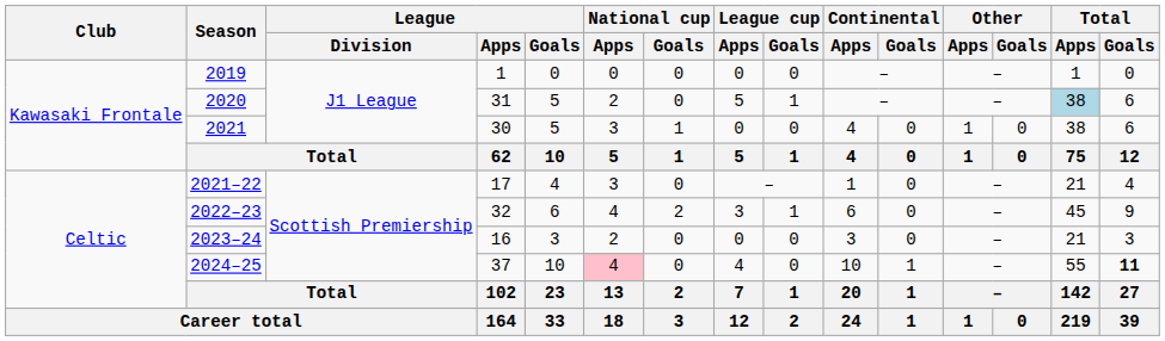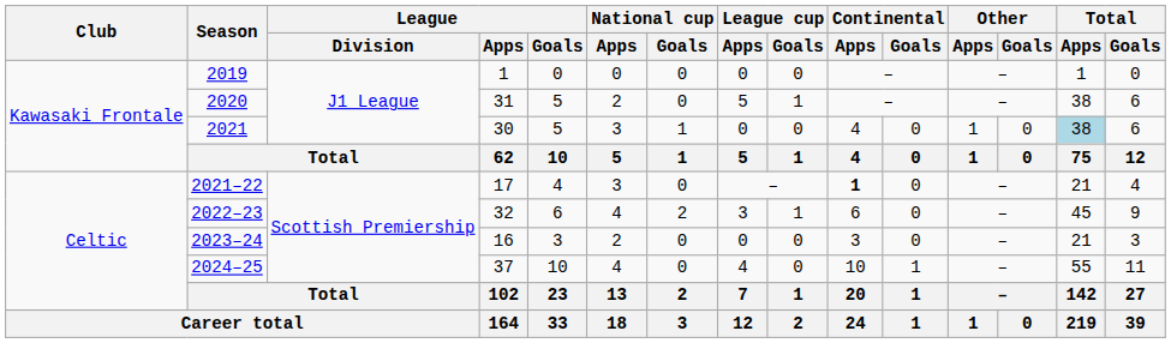 <table class="wikitable" style="text-align:center">
 <tr>
 <th rowspan="2">Club</th>
 <th rowspan="2">Season</th>
 <th colspan="3">League</th>
 <th colspan="2">National cup</th>
 <th colspan="2">League cup</th>
 <th colspan="2">Continental</th>
 <th colspan="2">Other</th>
 <th colspan="2">Total</th>
 </tr>
 <tr>
 <th>Division</th>
 <th>Apps</th>
 <th>Goals</th>
 <th>Apps</th>
 <th>Goals</th>
 <th>Apps</th>
 <th>Goals</th>
 <th>Apps</th>
 <th>Goals</th>
 <th>Apps</th>
 <th>Goals</th>
 <th>Apps</th>
 <th>Goals</th>
 </tr>
 <tr>
 <td rowspan="4"><a href='#'>Kawasaki Frontale</a></td>
 <td><a href='#'>2019</a></td>
 <td rowspan="3"><a href='#'>J1 League</a></td>
 <td>1</td>
 <td>0</td>
 <td>0</td>
 <td>0</td>
 <td>0</td>
 <td>0</td>
 <td colspan="2">–</td>
 <td colspan="2">–</td>
 <td>1</td>
 <td>0</td>
 </tr>
 <tr>
 <td><a href='#'>2020</a></td>
 <td>31</td>
 <td>5</td>
 <td>2</td>
 <td>0</td>
 <td>5</td>
 <td>1</td>
 <td colspan="2">–</td>
 <td colspan="2">–</td>
-<td style="background: lightblue;">38</td>
+<td>38</td>
 <td>6</td>
 </tr>
 <tr>
 <td><a href='#'>2021</a></td>
 <td>30</td>
 <td>5</td>
 <td>3</td>
 <td>1</td>
 <td>0</td>
 <td>0</td>
 <td>4</td>
 <td>0</td>
 <td>1</td>
 <td>0</td>
-<td>38</td>
+<td style="background: lightblue;">38</td>
 <td>6</td>
 </tr>
 <tr>
 <th colspan="2">Total</th>
 <th>62</th>
 <th>10</th>
 <th>5</th>
 <th>1</th>
 <th>5</th>
 <th>1</th>
 <th>4</th>
 <th>0</th>
 <th>1</th>
 <th>0</th>
 <th>75</th>
 <th>12</th>
 </tr>
 <tr>
 <td rowspan="5"><a href='#'>Celtic</a></td>
 <td><a href='#'>2021–22</a></td>
 <td rowspan="4"><a href='#'>Scottish Premiership</a></td>
 <td>17</td>
 <td>4</td>
 <td>3</td>
 <td>0</td>
 <td colspan="2">–</td>
-<td>1</td>
+<td><strong>1</strong></td>
 <td>0</td>
 <td colspan="2">–</td>
 <td>21</td>
 <td>4</td>
 </tr>
 <tr>
 <td><a href='#'>2022–23</a></td>
 <td>32</td>
 <td>6</td>
 <td>4</td>
 <td>2</td>
 <td>3</td>
 <td>1</td>
 <td>6</td>
 <td>0</td>
 <td colspan="2">–</td>
 <td>45</td>
 <td>9</td>
 </tr>
 <tr>
 <td><a href='#'>2023–24</a></td>
 <td>16</td>
 <td>3</td>
 <td>2</td>
 <td>0</td>
 <td>0</td>
 <td>0</td>
 <td>3</td>
 <td>0</td>
 <td colspan="2">–</td>
 <td>21</td>
 <td>3</td>
 </tr>
 <tr>
 <td><a href='#'>2024–25</a></td>
 <td>37</td>
 <td>10</td>
-<td style="background: pink;">4</td>
+<td>4</td>
 <td>0</td>
 <td>4</td>
 <td>0</td>
 <td>10</td>
 <td>1</td>
 <td colspan="2">–</td>
 <td>55</td>
-<td><strong>11</strong></td>
+<td>11</td>
 </tr>
 <tr>
 <th colspan="2">Total</th>
 <th>102</th>
 <th>23</th>
 <th>13</th>
 <th>2</th>
 <th>7</th>
 <th>1</th>
 <th>20</th>
 <th>1</th>
 <th colspan="2">–</th>
 <th>142</th>
 <th>27</th>
 </tr>
 <tr>
 <th colspan="3">Career total</th>
 <th>164</th>
 <th>33</th>
 <th>18</th>
 <th>3</th>
 <th>12</th>
 <th>2</th>
 <th>24</th>
 <th>1</th>
 <th>1</th>
 <th>0</th>
 <th>219</th>
 <th>39</th>
 </tr>
 </table>
